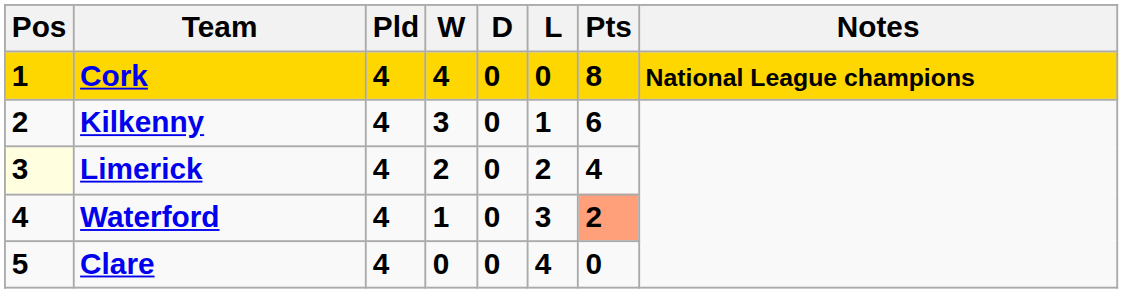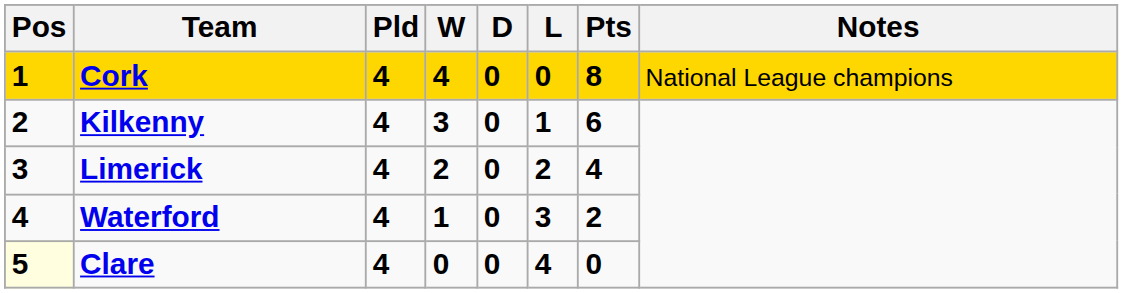 <table class="wikitable" style="text-align: centre;">
 <tr>
 <th width=20>Pos</th>
 <th width=150>Team</th>
 <th width=20>Pld</th>
 <th width=20>W</th>
 <th width=20>D</th>
 <th width=20>L</th>
 <th width=20>Pts</th>
 <th width=250>Notes</th>
 </tr>
 <tr style="background:gold;">
 <td><strong>1</strong></td>
 <td align=left><strong> <a href='#'>Cork</a> </strong></td>
 <td><strong>4</strong></td>
 <td><strong>4</strong></td>
 <td><strong>0</strong></td>
 <td><strong>0</strong></td>
 <td><strong>8</strong></td>
-<td><strong><small> National League champions</small></strong></td>
+<td><small> National League champions</small></td>
 </tr>
 <tr>
 <td><strong>2</strong></td>
 <td align=left><strong> <a href='#'>Kilkenny</a> </strong></td>
 <td><strong>4</strong></td>
 <td><strong>3</strong></td>
 <td><strong>0</strong></td>
 <td><strong>1</strong></td>
 <td><strong>6</strong></td>
 </tr>
 <tr>
-<td style="background: lightyellow;"><strong>3</strong></td>
+<td><strong>3</strong></td>
 <td align=left><strong> <a href='#'>Limerick</a> </strong></td>
 <td><strong>4</strong></td>
 <td><strong>2</strong></td>
 <td><strong>0</strong></td>
 <td><strong>2</strong></td>
 <td><strong>4</strong></td>
 </tr>
 <tr>
 <td><strong>4</strong></td>
 <td align=left><strong> <a href='#'>Waterford</a> </strong></td>
 <td><strong>4</strong></td>
 <td><strong>1</strong></td>
 <td><strong>0</strong></td>
 <td><strong>3</strong></td>
-<td style="background: lightsalmon;"><strong>2</strong></td>
+<td><strong>2</strong></td>
 </tr>
 <tr>
-<td><strong>5</strong></td>
+<td style="background: lightyellow;"><strong>5</strong></td>
 <td align=left><strong> <a href='#'>Clare</a> </strong></td>
 <td><strong>4</strong></td>
 <td><strong>0</strong></td>
 <td><strong>0</strong></td>
 <td><strong>4</strong></td>
 <td><strong>0</strong></td>
 </tr>
 </table>
